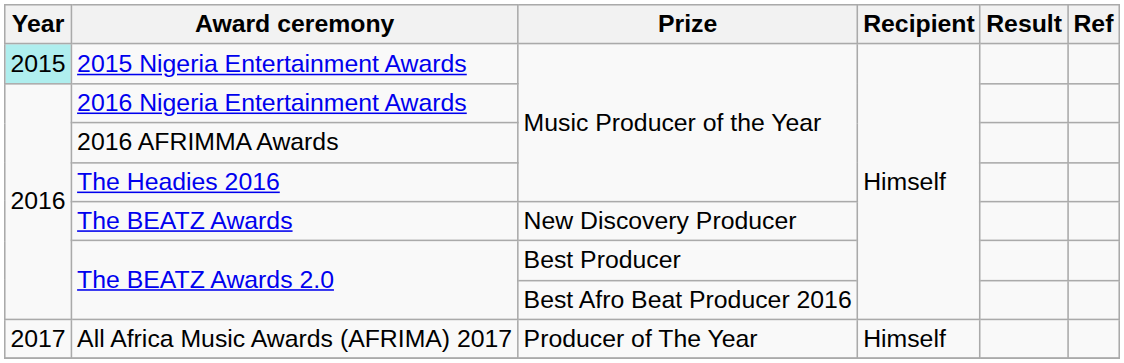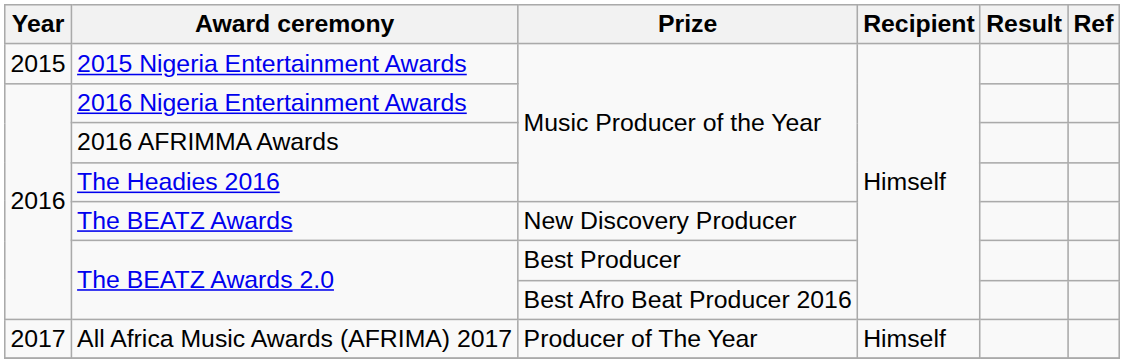 <table class ="wikitable">
 <tr>
 <th>Year</th>
 <th>Award ceremony</th>
 <th>Prize</th>
 <th>Recipient</th>
 <th>Result</th>
 <th>Ref</th>
 </tr>
 <tr>
-<td style="background: paleturquoise;">2015</td>
+<td>2015</td>
 <td><a href='#'>2015 Nigeria Entertainment Awards</a></td>
 <td rowspan="4">Music Producer of the Year</td>
 <td rowspan="7">Himself</td>
 <td></td>
 <td></td>
 </tr>
 <tr>
 <td rowspan="6">2016</td>
 <td><a href='#'>2016 Nigeria Entertainment Awards</a></td>
 <td></td>
 <td></td>
 </tr>
 <tr>
 <td>2016 AFRIMMA Awards</td>
 <td></td>
 <td></td>
 </tr>
 <tr>
 <td><a href='#'>The Headies 2016</a></td>
 <td></td>
 <td></td>
 </tr>
 <tr>
 <td><a href='#'>The BEATZ Awards</a></td>
 <td rowspan="1">New Discovery Producer</td>
 <td></td>
 <td></td>
 </tr>
 <tr>
 <td rowspan="2"><a href='#'>The BEATZ Awards 2.0</a></td>
 <td rowspan="1">Best Producer</td>
 <td></td>
 <td></td>
 </tr>
 <tr>
 <td rowspan="1">Best Afro Beat Producer 2016</td>
 <td></td>
 <td></td>
 </tr>
 <tr>
 <td>2017</td>
 <td>All Africa Music Awards (AFRIMA) 2017</td>
 <td>Producer of The Year</td>
 <td>Himself</td>
 <td></td>
 <td></td>
 </tr>
 <tr>
 </tr>
 </table>
